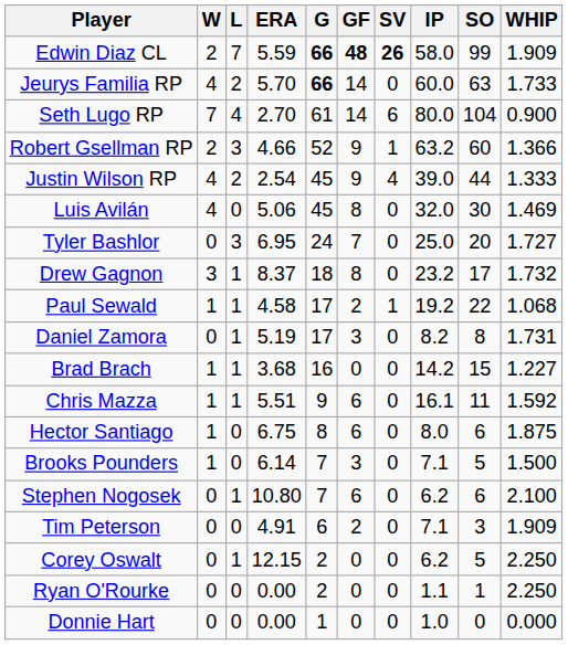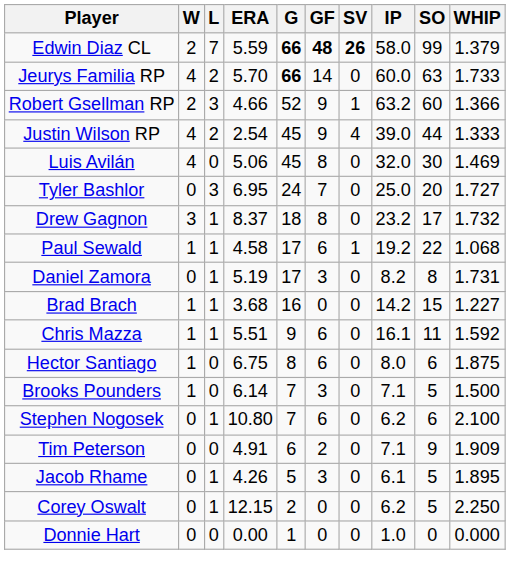 <table class="wikitable sortable">
 <tr>
 <th>Player</th>
 <th>W</th>
 <th>L</th>
 <th>ERA</th>
 <th>G</th>
 <th>GF</th>
 <th>SV</th>
 <th>IP</th>
 <th>SO</th>
 <th>WHIP</th>
 </tr>
 <tr align=center>
 <td><a href='#'>Edwin Diaz</a> CL</td>
 <td>2</td>
 <td>7</td>
 <td>5.59</td>
 <td><strong>66</strong></td>
 <td><strong>48</strong></td>
 <td><strong>26</strong></td>
 <td>58.0</td>
 <td>99</td>
-<td>1.909</td>
+<td>1.379</td>
 </tr>
 <tr align=center>
 <td><a href='#'>Jeurys Familia</a> RP</td>
 <td>4</td>
 <td>2</td>
 <td>5.70</td>
 <td><strong>66</strong></td>
 <td>14</td>
 <td>0</td>
 <td>60.0</td>
 <td>63</td>
 <td>1.733</td>
-</tr>
-<tr align=center>
-<td><a href='#'>Seth Lugo</a> RP</td>
-<td>7</td>
-<td>4</td>
-<td>2.70</td>
-<td>61</td>
-<td>14</td>
-<td>6</td>
-<td>80.0</td>
-<td>104</td>
-<td>0.900</td>
 </tr>
 <tr align=center>
 <td><a href='#'>Robert Gsellman</a> RP</td>
 <td>2</td>
 <td>3</td>
 <td>4.66</td>
 <td>52</td>
 <td>9</td>
 <td>1</td>
 <td>63.2</td>
 <td>60</td>
 <td>1.366</td>
 </tr>
 <tr align=center>
 <td><a href='#'>Justin Wilson</a> RP</td>
 <td>4</td>
 <td>2</td>
 <td>2.54</td>
 <td>45</td>
 <td>9</td>
 <td>4</td>
 <td>39.0</td>
 <td>44</td>
 <td>1.333</td>
 </tr>
 <tr align=center>
 <td><a href='#'>Luis Avilán</a></td>
 <td>4</td>
 <td>0</td>
 <td>5.06</td>
 <td>45</td>
 <td>8</td>
 <td>0</td>
 <td>32.0</td>
 <td>30</td>
 <td>1.469</td>
 </tr>
 <tr align=center>
 <td><a href='#'>Tyler Bashlor</a></td>
 <td>0</td>
 <td>3</td>
 <td>6.95</td>
 <td>24</td>
 <td>7</td>
 <td>0</td>
 <td>25.0</td>
 <td>20</td>
 <td>1.727</td>
 </tr>
 <tr align=center>
 <td><a href='#'>Drew Gagnon</a></td>
 <td>3</td>
 <td>1</td>
 <td>8.37</td>
 <td>18</td>
 <td>8</td>
 <td>0</td>
 <td>23.2</td>
 <td>17</td>
 <td>1.732</td>
 </tr>
 <tr align=center>
 <td><a href='#'>Paul Sewald</a></td>
 <td>1</td>
 <td>1</td>
 <td>4.58</td>
 <td>17</td>
-<td>2</td>
+<td>6</td>
 <td>1</td>
 <td>19.2</td>
 <td>22</td>
 <td>1.068</td>
 </tr>
 <tr align=center>
 <td><a href='#'>Daniel Zamora</a></td>
 <td>0</td>
 <td>1</td>
 <td>5.19</td>
 <td>17</td>
 <td>3</td>
 <td>0</td>
 <td>8.2</td>
 <td>8</td>
 <td>1.731</td>
 </tr>
 <tr align=center>
 <td><a href='#'>Brad Brach</a></td>
 <td>1</td>
 <td>1</td>
 <td>3.68</td>
 <td>16</td>
 <td>0</td>
 <td>0</td>
 <td>14.2</td>
 <td>15</td>
 <td>1.227</td>
 </tr>
 <tr align=center>
 <td><a href='#'>Chris Mazza</a></td>
 <td>1</td>
 <td>1</td>
 <td>5.51</td>
 <td>9</td>
 <td>6</td>
 <td>0</td>
 <td>16.1</td>
 <td>11</td>
 <td>1.592</td>
 </tr>
 <tr align=center>
 <td><a href='#'>Hector Santiago</a></td>
 <td>1</td>
 <td>0</td>
 <td>6.75</td>
 <td>8</td>
 <td>6</td>
 <td>0</td>
 <td>8.0</td>
 <td>6</td>
 <td>1.875</td>
 </tr>
 <tr align=center>
 <td><a href='#'>Brooks Pounders</a></td>
 <td>1</td>
 <td>0</td>
 <td>6.14</td>
 <td>7</td>
 <td>3</td>
 <td>0</td>
 <td>7.1</td>
 <td>5</td>
 <td>1.500</td>
 </tr>
 <tr align=center>
 <td><a href='#'>Stephen Nogosek</a></td>
 <td>0</td>
 <td>1</td>
 <td>10.80</td>
 <td>7</td>
 <td>6</td>
 <td>0</td>
 <td>6.2</td>
 <td>6</td>
 <td>2.100</td>
 </tr>
 <tr align=center>
 <td><a href='#'>Tim Peterson</a></td>
 <td>0</td>
 <td>0</td>
 <td>4.91</td>
 <td>6</td>
 <td>2</td>
 <td>0</td>
 <td>7.1</td>
+<td>9</td>
+<td>1.909</td>
+</tr>
+<tr align=center>
+<td><a href='#'>Jacob Rhame</a></td>
+<td>0</td>
+<td>1</td>
+<td>4.26</td>
+<td>5</td>
 <td>3</td>
-<td>1.909</td>
+<td>0</td>
+<td>6.1</td>
+<td>5</td>
+<td>1.895</td>
 </tr>
 <tr align=center>
 <td><a href='#'>Corey Oswalt</a></td>
 <td>0</td>
 <td>1</td>
 <td>12.15</td>
 <td>2</td>
 <td>0</td>
 <td>0</td>
 <td>6.2</td>
 <td>5</td>
-<td>2.250</td>
-</tr>
-<tr align=center>
-<td><a href='#'>Ryan O'Rourke</a></td>
-<td>0</td>
-<td>0</td>
-<td>0.00</td>
-<td>2</td>
-<td>0</td>
-<td>0</td>
-<td>1.1</td>
-<td>1</td>
 <td>2.250</td>
 </tr>
 <tr align=center>
 <td><a href='#'>Donnie Hart</a></td>
 <td>0</td>
 <td>0</td>
 <td>0.00</td>
 <td>1</td>
 <td>0</td>
 <td>0</td>
 <td>1.0</td>
 <td>0</td>
 <td>0.000</td>
 </tr>
 </table>
